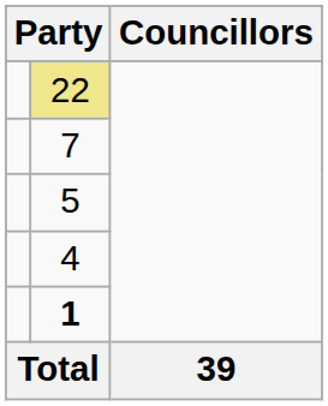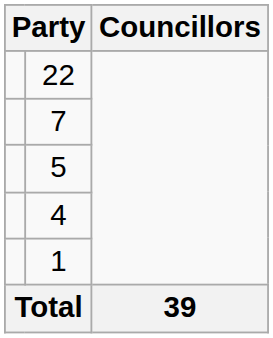 <table class="wikitable">
 <tr>
 <th colspan=2>Party</th>
 <th>Councillors</th>
 </tr>
 <tr>
 <td></td>
-<td align=center style="background: khaki;">22</td>
+<td align=center>22</td>
 </tr>
 <tr>
 <td></td>
 <td align=center>7</td>
 </tr>
 <tr>
 <td></td>
 <td align=center>5</td>
 </tr>
 <tr>
 <td></td>
 <td align=center>4</td>
 </tr>
 <tr>
 <td></td>
-<td align=center><strong>1</strong></td>
+<td align=center>1</td>
 </tr>
 <tr>
 <th colspan=2>Total</th>
 <th align=center>39</th>
 </tr>
 </table>
